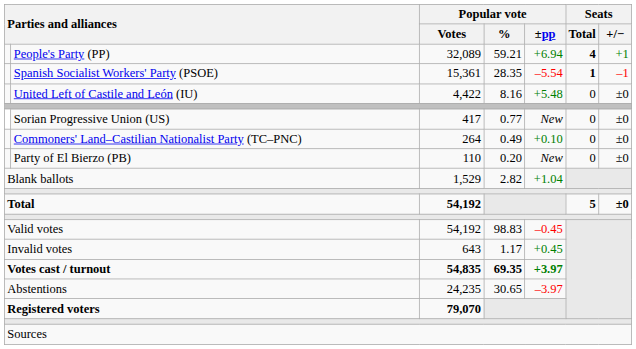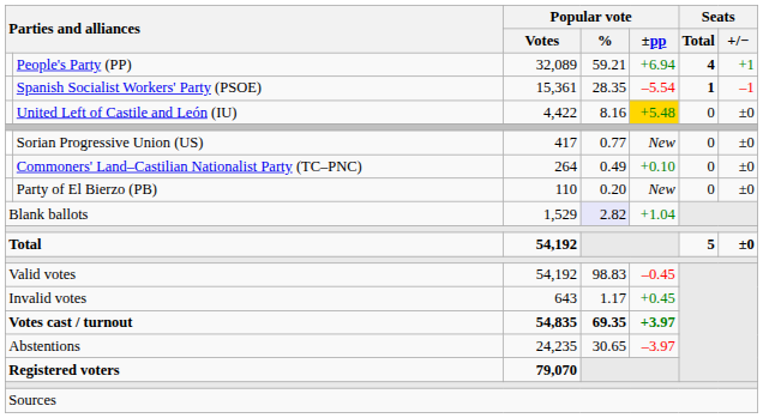 <table class="wikitable" style="text-align:right;">
 <tr>
 <th style="text-align:left;" rowspan="2" colspan="2" width="525">Parties and alliances</th>
 <th colspan="3">Popular vote</th>
 <th colspan="2">Seats</th>
 </tr>
 <tr>
 <th width="75">Votes</th>
 <th width="45">%</th>
 <th width="45">±<a href='#'>pp</a></th>
 <th width="35">Total</th>
 <th width="35">+/−</th>
 </tr>
 <tr>
 <td width="1" style="color:inherit;background:"></td>
 <td align="left"><a href='#'>People's Party</a> (PP)</td>
 <td>32,089</td>
 <td>59.21</td>
 <td style="color:green;">+6.94</td>
 <td><strong>4</strong></td>
 <td style="color:green;">+1</td>
 </tr>
 <tr>
 <td style="color:inherit;background:"></td>
 <td align="left"><a href='#'>Spanish Socialist Workers' Party</a> (PSOE)</td>
 <td>15,361</td>
 <td>28.35</td>
 <td style="color:red;">–5.54</td>
 <td><strong>1</strong></td>
 <td style="color:red;">–1</td>
 </tr>
 <tr>
 <td style="color:inherit;background:"></td>
 <td align="left"><a href='#'>United Left of Castile and León</a> (IU)</td>
 <td>4,422</td>
 <td>8.16</td>
-<td style="color:green;">+5.48</td>
+<td style="background: gold; color:green;">+5.48</td>
 <td>0</td>
 <td>±0</td>
 </tr>
 <tr>
 <td colspan="7" bgcolor="#C0C0C0"></td>
 </tr>
 <tr>
 <td bgcolor="white"></td>
 <td align="left">Sorian Progressive Union (US)</td>
 <td>417</td>
 <td>0.77</td>
 <td><em>New</em></td>
 <td>0</td>
 <td>±0</td>
 </tr>
 <tr>
 <td style="color:inherit;background:"></td>
 <td align="left"><a href='#'>Commoners' Land–Castilian Nationalist Party</a> (TC–PNC)</td>
 <td>264</td>
 <td>0.49</td>
 <td style="color:green;">+0.10</td>
 <td>0</td>
 <td>±0</td>
 </tr>
 <tr>
 <td style="color:inherit;background:"></td>
 <td align="left">Party of El Bierzo (PB)</td>
 <td>110</td>
 <td>0.20</td>
 <td><em>New</em></td>
 <td>0</td>
 <td>±0</td>
 </tr>
 <tr>
 <td align="left" colspan="2">Blank ballots</td>
 <td>1,529</td>
-<td>2.82</td>
+<td style="background: lavender;">2.82</td>
 <td style="color:green;">+1.04</td>
 <td bgcolor="#E9E9E9" colspan="2"></td>
 </tr>
 <tr>
 <td colspan="7" bgcolor="#E9E9E9"></td>
 </tr>
 <tr style="font-weight:bold;">
 <td align="left" colspan="2">Total</td>
 <td>54,192</td>
 <td bgcolor="#E9E9E9" colspan="2"></td>
 <td>5</td>
 <td>±0</td>
 </tr>
 <tr>
 <td colspan="7" bgcolor="#E9E9E9"></td>
 </tr>
 <tr>
 <td align="left" colspan="2">Valid votes</td>
 <td>54,192</td>
 <td>98.83</td>
 <td style="color:red;">–0.45</td>
 <td bgcolor="#E9E9E9" colspan="2" rowspan="5"></td>
 </tr>
 <tr>
 <td align="left" colspan="2">Invalid votes</td>
 <td>643</td>
 <td>1.17</td>
 <td style="color:green;">+0.45</td>
 </tr>
 <tr style="font-weight:bold;">
 <td align="left" colspan="2">Votes cast / turnout</td>
 <td>54,835</td>
 <td>69.35</td>
 <td style="color:green;">+3.97</td>
 </tr>
 <tr>
 <td align="left" colspan="2">Abstentions</td>
 <td>24,235</td>
 <td>30.65</td>
 <td style="color:red;">–3.97</td>
 </tr>
 <tr style="font-weight:bold;">
 <td align="left" colspan="2">Registered voters</td>
 <td>79,070</td>
 <td bgcolor="#E9E9E9" colspan="2"></td>
 </tr>
 <tr>
 <td colspan="7" bgcolor="#E9E9E9"></td>
 </tr>
 <tr>
 <td align="left" colspan="7">Sources</td>
 </tr>
 </table>
